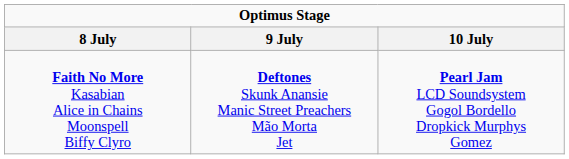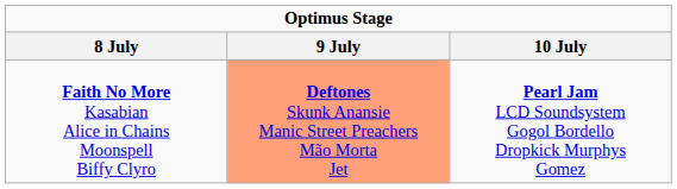 <table class="wikitable">
 <tr>
 <td colspan="3" align="center"><strong>Optimus Stage</strong></td>
 </tr>
 <tr>
 <th>8 July</th>
 <th>9 July</th>
 <th>10 July</th>
 </tr>
 <tr>
 <td valign="top" align="center" width="200"><br><strong><a href='#'>Faith No More</a></strong><br><a href='#'>Kasabian</a><br><a href='#'>Alice in Chains</a><br><a href='#'>Moonspell</a><br><a href='#'>Biffy Clyro</a></td>
-<td valign="top" align="center" width="200"><br><strong><a href='#'>Deftones</a></strong><br><a href='#'>Skunk Anansie</a><br><a href='#'>Manic Street Preachers</a><br><a href='#'>Mão Morta</a><br><a href='#'>Jet</a></td>
+<td valign="top" align="center" width="200" style="background: lightsalmon;"><br><strong><a href='#'>Deftones</a></strong><br><a href='#'>Skunk Anansie</a><br><a href='#'>Manic Street Preachers</a><br><a href='#'>Mão Morta</a><br><a href='#'>Jet</a></td>
 <td valign="top" align="center" width="200"><br><strong><a href='#'>Pearl Jam</a></strong><br><a href='#'>LCD Soundsystem</a><br><a href='#'>Gogol Bordello</a><br><a href='#'>Dropkick Murphys</a><br><a href='#'>Gomez</a></td>
 </tr>
 </table>
